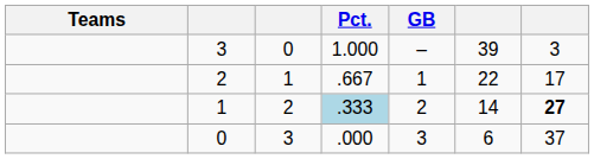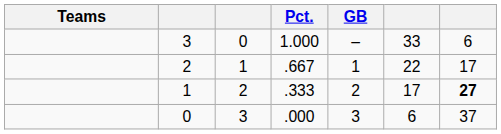 <table class="wikitable" style="text-align:center;">
 <tr>
 <th width=150px>Teams</th>
 <th width=50px></th>
 <th width=50px></th>
 <th width=50px><a href='#'>Pct.</a></th>
 <th width=50px><a href='#'>GB</a></th>
 <th width=50px></th>
 <th width=50px></th>
 </tr>
 <tr>
 <td align=left></td>
 <td>3</td>
 <td>0</td>
 <td>1.000</td>
 <td>–</td>
-<td>39</td>
-<td>3</td>
+<td>33</td>
+<td>6</td>
 </tr>
 <tr>
 <td align=left></td>
 <td>2</td>
 <td>1</td>
 <td>.667</td>
 <td>1</td>
 <td>22</td>
 <td>17</td>
 </tr>
 <tr>
 <td align=left></td>
 <td>1</td>
 <td>2</td>
-<td style="background: lightblue;">.333</td>
+<td>.333</td>
 <td>2</td>
-<td>14</td>
+<td>17</td>
 <td><strong>27</strong></td>
 </tr>
 <tr>
 <td align=left></td>
 <td>0</td>
 <td>3</td>
 <td>.000</td>
 <td>3</td>
 <td>6</td>
 <td>37</td>
 </tr>
 </table>
